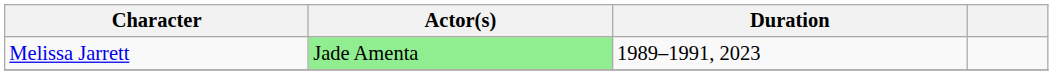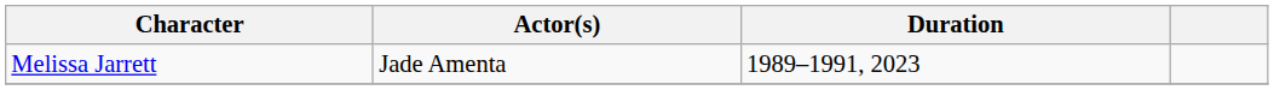 <table class="wikitable">
 <tr>
 <th scope="col" width="230">Character</th>
 <th scope="col" width="230">Actor(s)</th>
 <th scope="col" width="270">Duration</th>
 <th scope="col" width="55"></th>
 </tr>
 <tr>
 <td><a href='#'>Melissa Jarrett</a></td>
-<td style="background: lightgreen;">Jade Amenta</td>
+<td>Jade Amenta</td>
 <td>1989–1991, 2023</td>
 <td></td>
 </tr>
 <tr>
 </tr>
 </table>
